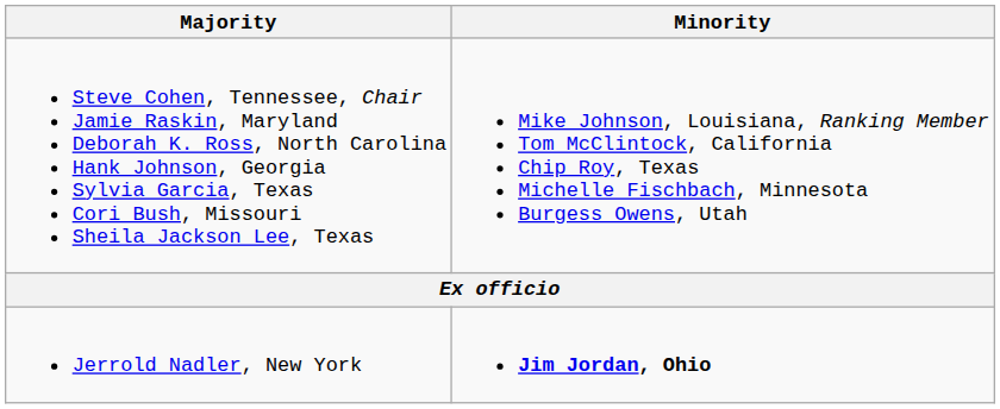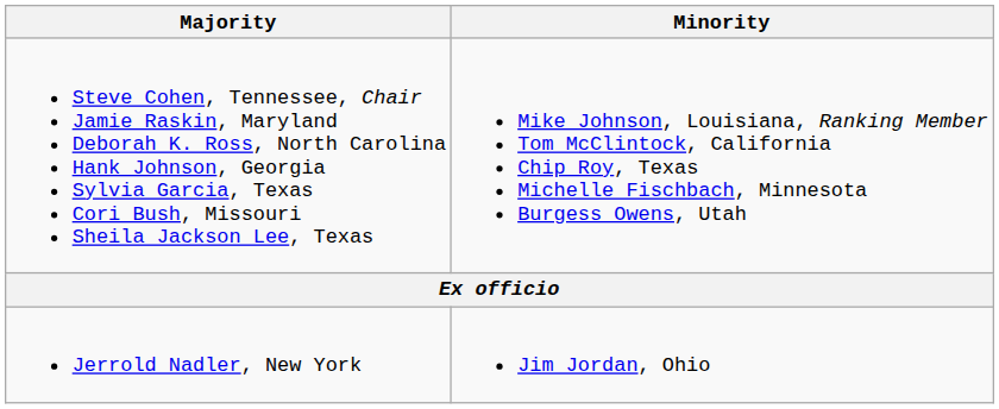 <table class=wikitable>
 <tr>
 <th>Majority</th>
 <th>Minority</th>
 </tr>
 <tr>
 <td><br><ul><li><a href='#'>Steve Cohen</a>, Tennessee, <em>Chair</em></li><li><a href='#'>Jamie Raskin</a>, Maryland</li><li><a href='#'>Deborah K. Ross</a>, North Carolina</li><li><a href='#'>Hank Johnson</a>, Georgia</li><li><a href='#'>Sylvia Garcia</a>, Texas</li><li><a href='#'>Cori Bush</a>, Missouri</li><li><a href='#'>Sheila Jackson Lee</a>, Texas</li></ul></td>
 <td><br><ul><li><a href='#'>Mike Johnson</a>, Louisiana, <em>Ranking Member</em></li><li><a href='#'>Tom McClintock</a>, California</li><li><a href='#'>Chip Roy</a>, Texas</li><li><a href='#'>Michelle Fischbach</a>, Minnesota</li><li><a href='#'>Burgess Owens</a>, Utah</li></ul></td>
 </tr>
 <tr>
 <th colspan=2><em>Ex officio</em></th>
 </tr>
 <tr>
 <td><br><ul><li><a href='#'>Jerrold Nadler</a>, New York</li></ul></td>
-<td><strong><br><ul><li><a href='#'>Jim Jordan</a>, Ohio</li></ul></strong></td>
+<td><br><ul><li><a href='#'>Jim Jordan</a>, Ohio</li></ul></td>
 </tr>
 </table>
